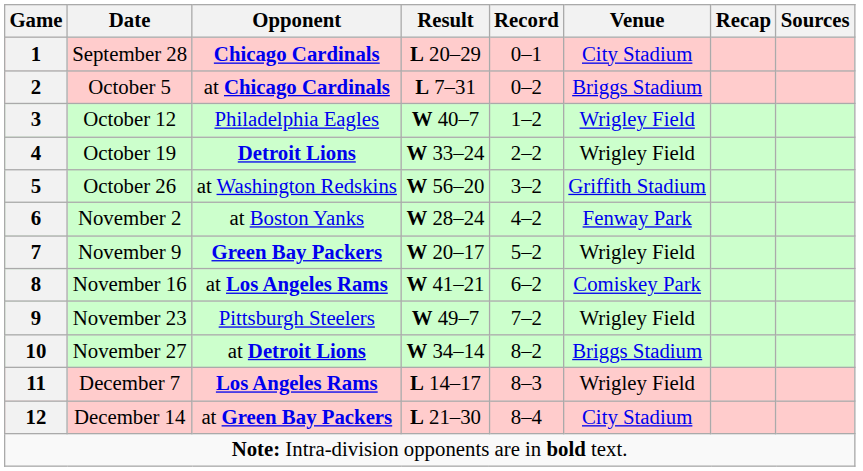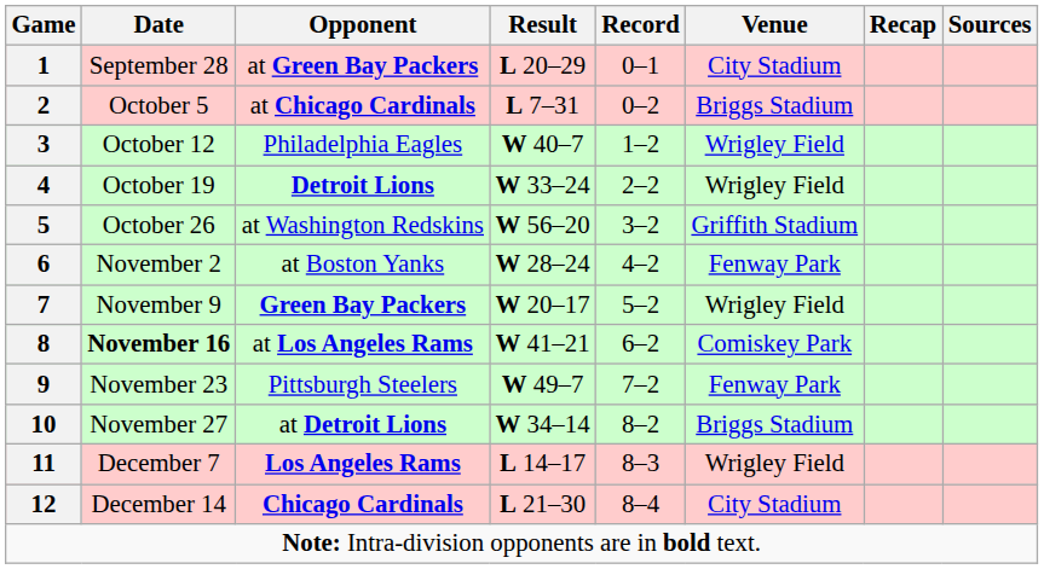 <table class="wikitable" style="text-align:center">
 <tr>
 <th>Game</th>
 <th>Date</th>
 <th>Opponent</th>
 <th>Result</th>
 <th>Record</th>
 <th>Venue</th>
 <th>Recap</th>
 <th>Sources</th>
 </tr>
 <tr style="background:#fcc">
 <th>1</th>
 <td>September 28</td>
-<td><strong><a href='#'>Chicago Cardinals</a></strong></td>
+<td>at <strong><a href='#'>Green Bay Packers</a></strong></td>
 <td><strong>L</strong> 20–29</td>
 <td>0–1</td>
 <td><a href='#'>City Stadium</a></td>
 <td></td>
 <td></td>
 </tr>
 <tr style="background: #fcc;">
 <th>2</th>
 <td>October 5</td>
 <td>at <strong><a href='#'>Chicago Cardinals</a></strong></td>
 <td><strong>L</strong> 7–31</td>
 <td>0–2</td>
 <td><a href='#'>Briggs Stadium</a></td>
 <td></td>
 <td></td>
 </tr>
 <tr style="background: #cfc;">
 <th>3</th>
 <td>October 12</td>
 <td><a href='#'>Philadelphia Eagles</a></td>
 <td><strong>W</strong> 40–7</td>
 <td>1–2</td>
 <td><a href='#'>Wrigley Field</a></td>
 <td></td>
 <td></td>
 </tr>
 <tr style="background: #cfc">
 <th>4</th>
 <td>October 19</td>
 <td><strong><a href='#'>Detroit Lions</a></strong></td>
 <td><strong>W</strong> 33–24</td>
 <td>2–2</td>
 <td>Wrigley Field</td>
 <td></td>
 <td></td>
 </tr>
 <tr style="background: #cfc">
 <th>5</th>
 <td>October 26</td>
 <td>at <a href='#'>Washington Redskins</a></td>
 <td><strong>W</strong> 56–20</td>
 <td>3–2</td>
 <td><a href='#'>Griffith Stadium</a></td>
 <td></td>
 <td></td>
 </tr>
 <tr style="background: #cfc;">
 <th>6</th>
 <td>November 2</td>
 <td>at <a href='#'>Boston Yanks</a></td>
 <td><strong>W</strong> 28–24</td>
 <td>4–2</td>
 <td><a href='#'>Fenway Park</a></td>
 <td></td>
 <td></td>
 </tr>
 <tr style="background: #cfc;">
 <th>7</th>
 <td>November 9</td>
 <td><strong><a href='#'>Green Bay Packers</a></strong></td>
 <td><strong>W</strong> 20–17</td>
 <td>5–2</td>
 <td>Wrigley Field</td>
 <td></td>
 <td></td>
 </tr>
 <tr style="background: #cfc;">
 <th>8</th>
-<td>November 16</td>
+<td><strong>November 16</strong></td>
 <td>at <strong><a href='#'>Los Angeles Rams</a></strong></td>
 <td><strong>W</strong> 41–21</td>
 <td>6–2</td>
 <td><a href='#'>Comiskey Park</a></td>
 <td></td>
 <td></td>
 </tr>
 <tr style="background: #cfc;">
 <th>9</th>
 <td>November 23</td>
 <td><a href='#'>Pittsburgh Steelers</a></td>
 <td><strong>W</strong> 49–7</td>
 <td>7–2</td>
-<td>Wrigley Field</td>
+<td><a href='#'>Fenway Park</a></td>
 <td></td>
 <td></td>
 </tr>
 <tr style="background: #cfc;">
 <th>10</th>
 <td>November 27</td>
 <td>at <strong><a href='#'>Detroit Lions</a></strong></td>
 <td><strong>W</strong> 34–14</td>
 <td>8–2</td>
 <td><a href='#'>Briggs Stadium</a></td>
 <td></td>
 <td></td>
 </tr>
 <tr style="background: #fcc;">
 <th>11</th>
 <td>December 7</td>
 <td><strong><a href='#'>Los Angeles Rams</a></strong></td>
 <td><strong>L</strong> 14–17</td>
 <td>8–3</td>
 <td>Wrigley Field</td>
 <td></td>
 <td></td>
 </tr>
 <tr style="background: #fcc;">
 <th>12</th>
 <td>December 14</td>
-<td>at <strong><a href='#'>Green Bay Packers</a></strong></td>
+<td><strong><a href='#'>Chicago Cardinals</a></strong></td>
 <td><strong>L</strong> 21–30</td>
 <td>8–4</td>
 <td><a href='#'>City Stadium</a></td>
 <td></td>
 <td></td>
 </tr>
 <tr>
 <td colspan="10"><strong>Note:</strong> Intra-division opponents are in <strong>bold</strong> text.</td>
 </tr>
 </table>
